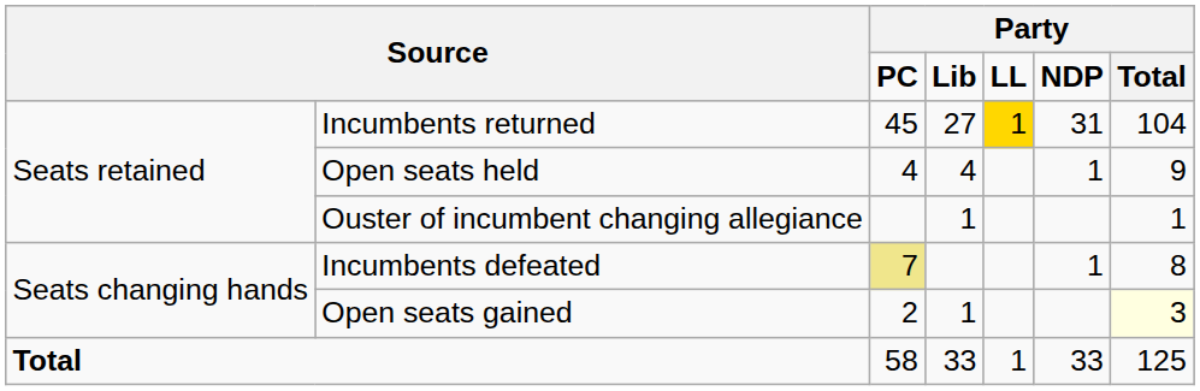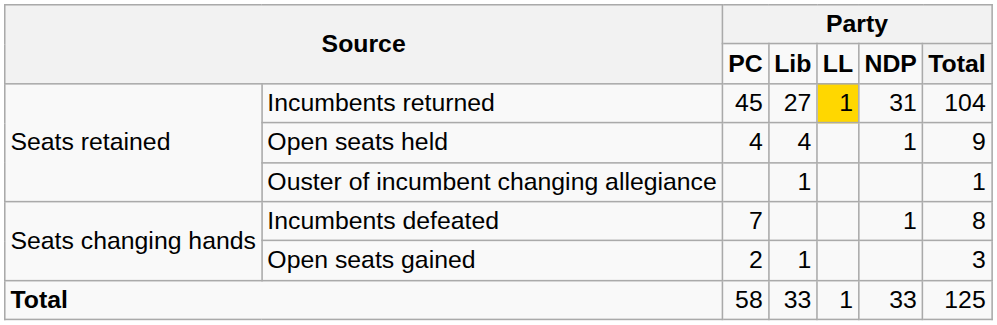 <table class="wikitable" style="text-align:right;">
 <tr>
 <th colspan="2" rowspan="2">Source</th>
 <th colspan="5">Party</th>
 </tr>
 <tr>
 <td><strong>PC</strong></td>
 <td><strong>Lib</strong></td>
 <td><strong>LL</strong></td>
 <td><strong>NDP</strong></td>
 <th>Total</th>
 </tr>
 <tr>
 <td rowspan="3" style="text-align:left;">Seats retained</td>
 <td style="text-align:left;">Incumbents returned</td>
 <td>45</td>
 <td>27</td>
 <td style="background: gold;">1</td>
 <td>31</td>
 <td>104</td>
 </tr>
 <tr>
 <td style="text-align:left;">Open seats held</td>
 <td>4</td>
 <td>4</td>
 <td></td>
 <td>1</td>
 <td>9</td>
 </tr>
 <tr>
 <td style="text-align:left;">Ouster of incumbent changing allegiance</td>
 <td></td>
 <td>1</td>
 <td></td>
 <td></td>
 <td>1</td>
 </tr>
 <tr>
 <td rowspan="2" style="text-align:left;">Seats changing hands</td>
 <td style="text-align:left;">Incumbents defeated</td>
-<td style="background: khaki;">7</td>
+<td>7</td>
 <td></td>
 <td></td>
 <td>1</td>
 <td>8</td>
 </tr>
 <tr>
 <td style="text-align:left;">Open seats gained</td>
 <td>2</td>
 <td>1</td>
 <td></td>
 <td></td>
-<td style="background: lightyellow;">3</td>
+<td>3</td>
 </tr>
 <tr>
 <td colspan="2" style="text-align:left;"><strong>Total</strong></td>
 <td>58</td>
 <td>33</td>
 <td>1</td>
 <td>33</td>
 <td>125</td>
 </tr>
 </table>
